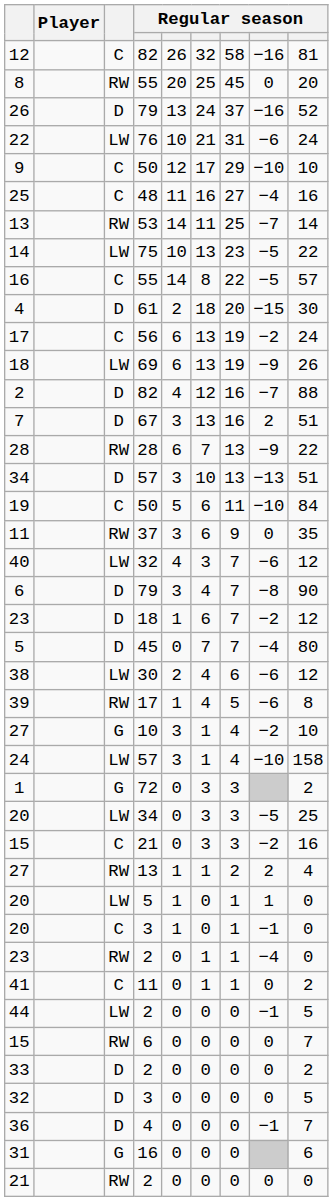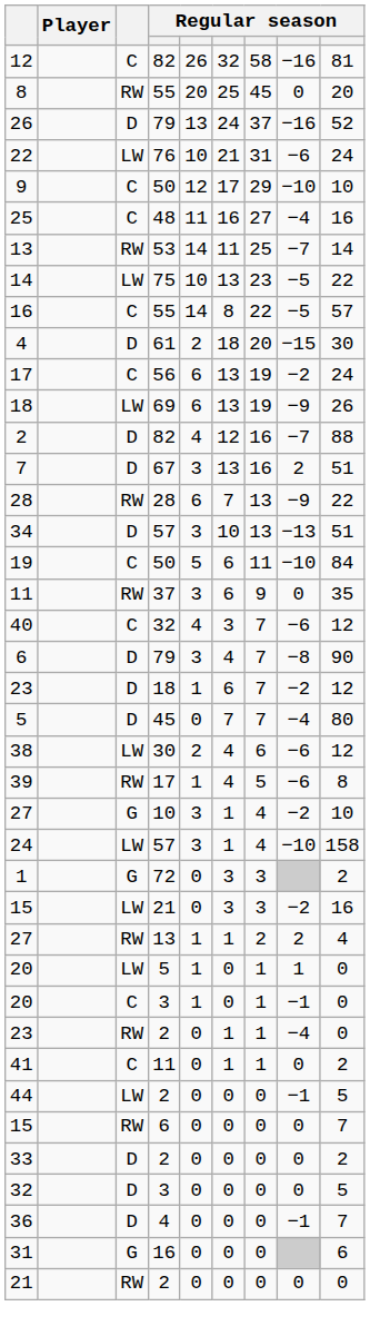 <table class="wikitable sortable plainrowheaders" style="text-align:center;">
 <tr>
 <th scope="col" data-sort-type="number" rowspan="2"></th>
 <th scope="col" rowspan="2">Player</th>
 <th scope="col" rowspan="2"></th>
 <th scope=colgroup colspan=6>Regular season</th>
 </tr>
 <tr>
 <th scope="col" data-sort-type="number"></th>
 <th scope="col" data-sort-type="number"></th>
 <th scope="col" data-sort-type="number"></th>
 <th scope="col" data-sort-type="number"></th>
 <th scope="col" data-sort-type="number"></th>
 <th scope="col" data-sort-type="number"></th>
 </tr>
 <tr>
 <td scope="row">12</td>
 <td align="left"></td>
 <td>C</td>
 <td>82</td>
 <td>26</td>
 <td>32</td>
 <td>58</td>
 <td>−16</td>
 <td>81</td>
 </tr>
 <tr>
 <td scope="row">8</td>
 <td align="left"></td>
 <td>RW</td>
 <td>55</td>
 <td>20</td>
 <td>25</td>
 <td>45</td>
 <td>0</td>
 <td>20</td>
 </tr>
 <tr>
 <td scope="row">26</td>
 <td align="left"></td>
 <td>D</td>
 <td>79</td>
 <td>13</td>
 <td>24</td>
 <td>37</td>
 <td>−16</td>
 <td>52</td>
 </tr>
 <tr>
 <td scope="row">22</td>
 <td align="left"></td>
 <td>LW</td>
 <td>76</td>
 <td>10</td>
 <td>21</td>
 <td>31</td>
 <td>−6</td>
 <td>24</td>
 </tr>
 <tr>
 <td scope="row">9</td>
 <td align="left"></td>
 <td>C</td>
 <td>50</td>
 <td>12</td>
 <td>17</td>
 <td>29</td>
 <td>−10</td>
 <td>10</td>
 </tr>
 <tr>
 <td scope="row">25</td>
 <td align="left"></td>
 <td>C</td>
 <td>48</td>
 <td>11</td>
 <td>16</td>
 <td>27</td>
 <td>−4</td>
 <td>16</td>
 </tr>
 <tr>
 <td scope="row">13</td>
 <td align="left"></td>
 <td>RW</td>
 <td>53</td>
 <td>14</td>
 <td>11</td>
 <td>25</td>
 <td>−7</td>
 <td>14</td>
 </tr>
 <tr>
 <td scope="row">14</td>
 <td align="left"></td>
 <td>LW</td>
 <td>75</td>
 <td>10</td>
 <td>13</td>
 <td>23</td>
 <td>−5</td>
 <td>22</td>
 </tr>
 <tr>
 <td scope="row">16</td>
 <td align="left"></td>
 <td>C</td>
 <td>55</td>
 <td>14</td>
 <td>8</td>
 <td>22</td>
 <td>−5</td>
 <td>57</td>
 </tr>
 <tr>
 <td scope="row">4</td>
 <td align="left"></td>
 <td>D</td>
 <td>61</td>
 <td>2</td>
 <td>18</td>
 <td>20</td>
 <td>−15</td>
 <td>30</td>
 </tr>
 <tr>
 <td scope="row">17</td>
 <td align="left"></td>
 <td>C</td>
 <td>56</td>
 <td>6</td>
 <td>13</td>
 <td>19</td>
 <td>−2</td>
 <td>24</td>
 </tr>
 <tr>
 <td scope="row">18</td>
 <td align="left"></td>
 <td>LW</td>
 <td>69</td>
 <td>6</td>
 <td>13</td>
 <td>19</td>
 <td>−9</td>
 <td>26</td>
 </tr>
 <tr>
 <td scope="row">2</td>
 <td align="left"></td>
 <td>D</td>
 <td>82</td>
 <td>4</td>
 <td>12</td>
 <td>16</td>
 <td>−7</td>
 <td>88</td>
 </tr>
 <tr>
 <td scope="row">7</td>
 <td align="left"></td>
 <td>D</td>
 <td>67</td>
 <td>3</td>
 <td>13</td>
 <td>16</td>
 <td>2</td>
 <td>51</td>
 </tr>
 <tr>
 <td scope="row">28</td>
 <td align="left"></td>
 <td>RW</td>
 <td>28</td>
 <td>6</td>
 <td>7</td>
 <td>13</td>
 <td>−9</td>
 <td>22</td>
 </tr>
 <tr>
 <td scope="row">34</td>
 <td align="left"></td>
 <td>D</td>
 <td>57</td>
 <td>3</td>
 <td>10</td>
 <td>13</td>
 <td>−13</td>
 <td>51</td>
 </tr>
 <tr>
 <td scope="row">19</td>
 <td align="left"></td>
 <td>C</td>
 <td>50</td>
 <td>5</td>
 <td>6</td>
 <td>11</td>
 <td>−10</td>
 <td>84</td>
 </tr>
 <tr>
 <td scope="row">11</td>
 <td align="left"></td>
 <td>RW</td>
 <td>37</td>
 <td>3</td>
 <td>6</td>
 <td>9</td>
 <td>0</td>
 <td>35</td>
 </tr>
 <tr>
 <td scope="row">40</td>
 <td align="left"></td>
-<td>LW</td>
+<td>C</td>
 <td>32</td>
 <td>4</td>
 <td>3</td>
 <td>7</td>
 <td>−6</td>
 <td>12</td>
 </tr>
 <tr>
 <td scope="row">6</td>
 <td align="left"></td>
 <td>D</td>
 <td>79</td>
 <td>3</td>
 <td>4</td>
 <td>7</td>
 <td>−8</td>
 <td>90</td>
 </tr>
 <tr>
 <td scope="row">23</td>
 <td align="left"></td>
 <td>D</td>
 <td>18</td>
 <td>1</td>
 <td>6</td>
 <td>7</td>
 <td>−2</td>
 <td>12</td>
 </tr>
 <tr>
 <td scope="row">5</td>
 <td align="left"></td>
 <td>D</td>
 <td>45</td>
 <td>0</td>
 <td>7</td>
 <td>7</td>
 <td>−4</td>
 <td>80</td>
 </tr>
 <tr>
 <td scope="row">38</td>
 <td align="left"></td>
 <td>LW</td>
 <td>30</td>
 <td>2</td>
 <td>4</td>
 <td>6</td>
 <td>−6</td>
 <td>12</td>
 </tr>
 <tr>
 <td scope="row">39</td>
 <td align="left"></td>
 <td>RW</td>
 <td>17</td>
 <td>1</td>
 <td>4</td>
 <td>5</td>
 <td>−6</td>
 <td>8</td>
 </tr>
 <tr>
 <td scope="row">27</td>
 <td align="left"></td>
 <td>G</td>
 <td>10</td>
 <td>3</td>
 <td>1</td>
 <td>4</td>
 <td>−2</td>
 <td>10</td>
 </tr>
 <tr>
 <td scope="row">24</td>
 <td align="left"></td>
 <td>LW</td>
 <td>57</td>
 <td>3</td>
 <td>1</td>
 <td>4</td>
 <td>−10</td>
 <td>158</td>
 </tr>
 <tr>
 <td scope="row">1</td>
 <td align="left"></td>
 <td>G</td>
 <td>72</td>
 <td>0</td>
 <td>3</td>
 <td>3</td>
 <td style="background:#ccc"></td>
 <td>2</td>
 </tr>
 <tr>
-<td scope="row">20</td>
+<td scope="row">15</td>
 <td align="left"></td>
 <td>LW</td>
-<td>34</td>
-<td>0</td>
-<td>3</td>
-<td>3</td>
-<td>−5</td>
-<td>25</td>
-</tr>
-<tr>
-<td scope="row">15</td>
-<td align="left"></td>
-<td>C</td>
 <td>21</td>
 <td>0</td>
 <td>3</td>
 <td>3</td>
 <td>−2</td>
 <td>16</td>
 </tr>
 <tr>
 <td scope="row">27</td>
 <td align="left"></td>
 <td>RW</td>
 <td>13</td>
 <td>1</td>
 <td>1</td>
 <td>2</td>
 <td>2</td>
 <td>4</td>
 </tr>
 <tr>
 <td scope="row">20</td>
 <td align="left"></td>
 <td>LW</td>
 <td>5</td>
 <td>1</td>
 <td>0</td>
 <td>1</td>
 <td>1</td>
 <td>0</td>
 </tr>
 <tr>
 <td scope="row">20</td>
 <td align="left"></td>
 <td>C</td>
 <td>3</td>
 <td>1</td>
 <td>0</td>
 <td>1</td>
 <td>−1</td>
 <td>0</td>
 </tr>
 <tr>
 <td scope="row">23</td>
 <td align="left"></td>
 <td>RW</td>
 <td>2</td>
 <td>0</td>
 <td>1</td>
 <td>1</td>
 <td>−4</td>
 <td>0</td>
 </tr>
 <tr>
 <td scope="row">41</td>
 <td align="left"></td>
 <td>C</td>
 <td>11</td>
 <td>0</td>
 <td>1</td>
 <td>1</td>
 <td>0</td>
 <td>2</td>
 </tr>
 <tr>
 <td scope="row">44</td>
 <td align="left"></td>
 <td>LW</td>
 <td>2</td>
 <td>0</td>
 <td>0</td>
 <td>0</td>
 <td>−1</td>
 <td>5</td>
 </tr>
 <tr>
 <td scope="row">15</td>
 <td align="left"></td>
 <td>RW</td>
 <td>6</td>
 <td>0</td>
 <td>0</td>
 <td>0</td>
 <td>0</td>
 <td>7</td>
 </tr>
 <tr>
 <td scope="row">33</td>
 <td align="left"></td>
 <td>D</td>
 <td>2</td>
 <td>0</td>
 <td>0</td>
 <td>0</td>
 <td>0</td>
 <td>2</td>
 </tr>
 <tr>
 <td scope="row">32</td>
 <td align="left"></td>
 <td>D</td>
 <td>3</td>
 <td>0</td>
 <td>0</td>
 <td>0</td>
 <td>0</td>
 <td>5</td>
 </tr>
 <tr>
 <td scope="row">36</td>
 <td align="left"></td>
 <td>D</td>
 <td>4</td>
 <td>0</td>
 <td>0</td>
 <td>0</td>
 <td>−1</td>
 <td>7</td>
 </tr>
 <tr>
 <td scope="row">31</td>
 <td align="left"></td>
 <td>G</td>
 <td>16</td>
 <td>0</td>
 <td>0</td>
 <td>0</td>
 <td style="background:#ccc"></td>
 <td>6</td>
 </tr>
 <tr>
 <td scope="row">21</td>
 <td align="left"></td>
 <td>RW</td>
 <td>2</td>
 <td>0</td>
 <td>0</td>
 <td>0</td>
 <td>0</td>
 <td>0</td>
 </tr>
 </table>
